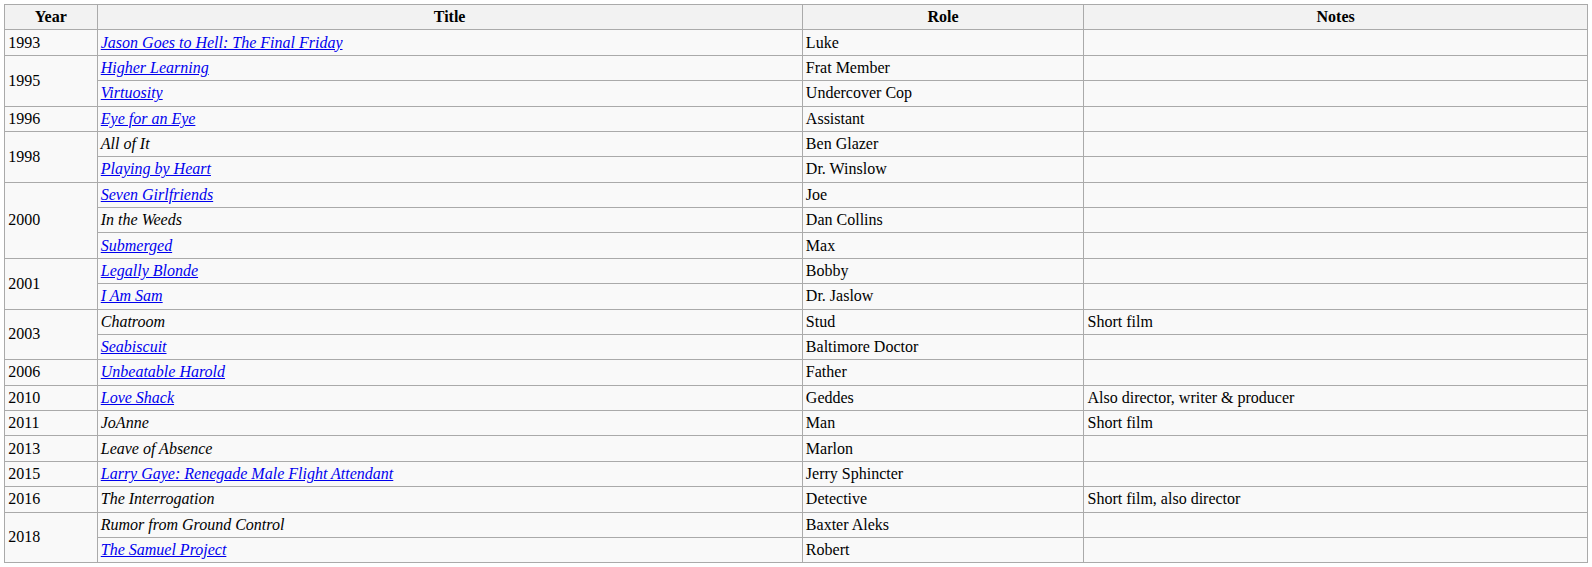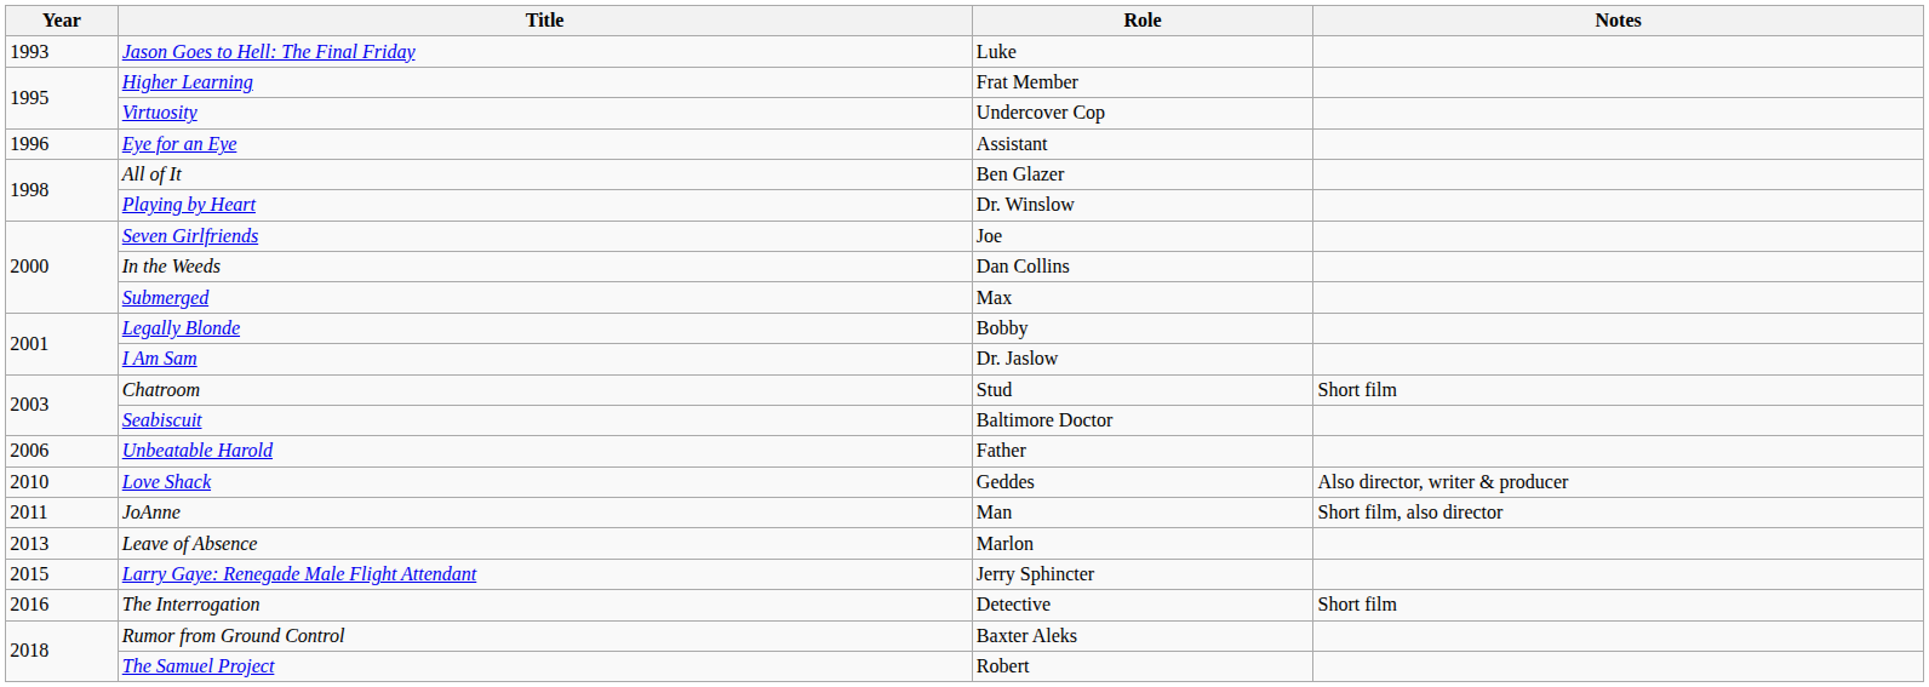 <table class="wikitable" width="100%">
 <tr>
 <th>Year</th>
 <th>Title</th>
 <th>Role</th>
 <th>Notes</th>
 </tr>
 <tr>
 <td>1993</td>
 <td><em><a href='#'>Jason Goes to Hell: The Final Friday</a></em></td>
 <td>Luke</td>
 <td></td>
 </tr>
 <tr>
 <td rowspan=2>1995</td>
 <td><em><a href='#'>Higher Learning</a></em></td>
 <td>Frat Member</td>
 <td></td>
 </tr>
 <tr>
 <td><em><a href='#'>Virtuosity</a></em></td>
 <td>Undercover Cop</td>
 <td></td>
 </tr>
 <tr>
 <td>1996</td>
 <td><em><a href='#'>Eye for an Eye</a></em></td>
 <td>Assistant</td>
 <td></td>
 </tr>
 <tr>
 <td rowspan=2>1998</td>
 <td><em>All of It</em></td>
 <td>Ben Glazer</td>
 <td></td>
 </tr>
 <tr>
 <td><em><a href='#'>Playing by Heart</a></em></td>
 <td>Dr. Winslow</td>
 <td></td>
 </tr>
 <tr>
 <td rowspan=3>2000</td>
 <td><em><a href='#'>Seven Girlfriends</a></em></td>
 <td>Joe</td>
 <td></td>
 </tr>
 <tr>
 <td><em>In the Weeds</em></td>
 <td>Dan Collins</td>
 <td></td>
 </tr>
 <tr>
 <td><em><a href='#'>Submerged</a></em></td>
 <td>Max</td>
 <td></td>
 </tr>
 <tr>
 <td rowspan=2>2001</td>
 <td><em><a href='#'>Legally Blonde</a></em></td>
 <td>Bobby</td>
 <td></td>
 </tr>
 <tr>
 <td><em><a href='#'>I Am Sam</a></em></td>
 <td>Dr. Jaslow</td>
 <td></td>
 </tr>
 <tr>
 <td rowspan=2>2003</td>
 <td><em>Chatroom</em></td>
 <td>Stud</td>
 <td>Short film</td>
 </tr>
 <tr>
 <td><em><a href='#'>Seabiscuit</a></em></td>
 <td>Baltimore Doctor</td>
 <td></td>
 </tr>
 <tr>
 <td>2006</td>
 <td><em><a href='#'>Unbeatable Harold</a></em></td>
 <td>Father</td>
 <td></td>
 </tr>
 <tr>
 <td>2010</td>
 <td><em><a href='#'>Love Shack</a></em></td>
 <td>Geddes</td>
 <td>Also director, writer & producer</td>
 </tr>
 <tr>
 <td>2011</td>
 <td><em>JoAnne</em></td>
 <td>Man</td>
-<td>Short film</td>
+<td>Short film, also director</td>
 </tr>
 <tr>
 <td>2013</td>
 <td><em>Leave of Absence</em></td>
 <td>Marlon</td>
 <td></td>
 </tr>
 <tr>
 <td>2015</td>
 <td><em><a href='#'>Larry Gaye: Renegade Male Flight Attendant</a></em></td>
 <td>Jerry Sphincter</td>
 <td></td>
 </tr>
 <tr>
 <td>2016</td>
 <td><em>The Interrogation</em></td>
 <td>Detective</td>
-<td>Short film, also director</td>
+<td>Short film</td>
 </tr>
 <tr>
 <td rowspan=2>2018</td>
 <td><em>Rumor from Ground Control</em></td>
 <td>Baxter Aleks</td>
 <td></td>
 </tr>
 <tr>
 <td><em><a href='#'>The Samuel Project</a></em></td>
 <td>Robert</td>
 <td></td>
 </tr>
 </table>
